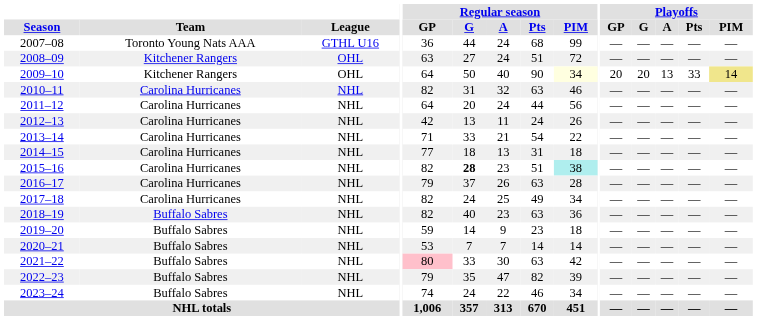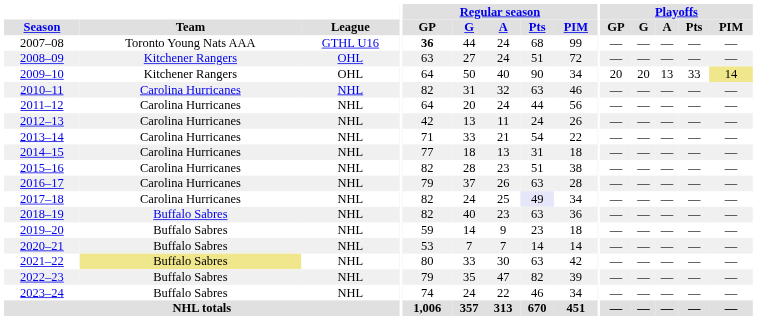 <table border="0" cellpadding="1" cellspacing="0" style="text-align:center; width:60em">
 <tr bgcolor="#e0e0e0">
 <th colspan="3" bgcolor="#ffffff"></th>
 <th rowspan="99" bgcolor="#ffffff"></th>
 <th colspan="5"><a href='#'>Regular season</a></th>
 <th rowspan="99" bgcolor="#ffffff"></th>
 <th colspan="5"><a href='#'>Playoffs</a></th>
 </tr>
 <tr bgcolor="#e0e0e0">
 <th><a href='#'>Season</a></th>
 <th>Team</th>
 <th>League</th>
 <th>GP</th>
 <th><a href='#'>G</a></th>
 <th><a href='#'>A</a></th>
 <th><a href='#'>Pts</a></th>
 <th><a href='#'>PIM</a></th>
 <th>GP</th>
 <th>G</th>
 <th>A</th>
 <th>Pts</th>
 <th>PIM</th>
 </tr>
 <tr>
 <td 2007–08 GTHL season>2007–08</td>
 <td>Toronto Young Nats AAA</td>
 <td><a href='#'>GTHL U16</a></td>
-<td>36</td>
+<td><strong>36</strong></td>
 <td>44</td>
 <td>24</td>
 <td>68</td>
 <td>99</td>
 <td>—</td>
 <td>—</td>
 <td>—</td>
 <td>—</td>
 <td>—</td>
 </tr>
 <tr bgcolor="#f0f0f0">
 <td><a href='#'>2008–09</a></td>
 <td><a href='#'>Kitchener Rangers</a></td>
 <td><a href='#'>OHL</a></td>
 <td>63</td>
 <td>27</td>
 <td>24</td>
 <td>51</td>
 <td>72</td>
 <td>—</td>
 <td>—</td>
 <td>—</td>
 <td>—</td>
 <td>—</td>
 </tr>
 <tr>
 <td><a href='#'>2009–10</a></td>
 <td>Kitchener Rangers</td>
 <td>OHL</td>
 <td>64</td>
 <td>50</td>
 <td>40</td>
 <td>90</td>
-<td style="background: lightyellow;">34</td>
+<td>34</td>
 <td>20</td>
 <td>20</td>
 <td>13</td>
 <td>33</td>
 <td style="background: khaki;">14</td>
 </tr>
 <tr bgcolor="#f0f0f0">
 <td><a href='#'>2010–11</a></td>
 <td><a href='#'>Carolina Hurricanes</a></td>
 <td><a href='#'>NHL</a></td>
 <td>82</td>
 <td>31</td>
 <td>32</td>
 <td>63</td>
 <td>46</td>
 <td>—</td>
 <td>—</td>
 <td>—</td>
 <td>—</td>
 <td>—</td>
 </tr>
 <tr>
 <td><a href='#'>2011–12</a></td>
 <td>Carolina Hurricanes</td>
 <td>NHL</td>
 <td>64</td>
 <td>20</td>
 <td>24</td>
 <td>44</td>
 <td>56</td>
 <td>—</td>
 <td>—</td>
 <td>—</td>
 <td>—</td>
 <td>—</td>
 </tr>
 <tr bgcolor="#f0f0f0">
 <td><a href='#'>2012–13</a></td>
 <td>Carolina Hurricanes</td>
 <td>NHL</td>
 <td>42</td>
 <td>13</td>
 <td>11</td>
 <td>24</td>
 <td>26</td>
 <td>—</td>
 <td>—</td>
 <td>—</td>
 <td>—</td>
 <td>—</td>
 </tr>
 <tr>
 <td><a href='#'>2013–14</a></td>
 <td>Carolina Hurricanes</td>
 <td>NHL</td>
 <td>71</td>
 <td>33</td>
 <td>21</td>
 <td>54</td>
 <td>22</td>
 <td>—</td>
 <td>—</td>
 <td>—</td>
 <td>—</td>
 <td>—</td>
 </tr>
 <tr bgcolor="#f0f0f0">
 <td><a href='#'>2014–15</a></td>
 <td>Carolina Hurricanes</td>
 <td>NHL</td>
 <td>77</td>
 <td>18</td>
 <td>13</td>
 <td>31</td>
 <td>18</td>
 <td>—</td>
 <td>—</td>
 <td>—</td>
 <td>—</td>
 <td>—</td>
 </tr>
 <tr>
 <td><a href='#'>2015–16</a></td>
 <td>Carolina Hurricanes</td>
 <td>NHL</td>
 <td>82</td>
-<td><strong>28</strong></td>
+<td>28</td>
 <td>23</td>
 <td>51</td>
-<td style="background: paleturquoise;">38</td>
+<td>38</td>
 <td>—</td>
 <td>—</td>
 <td>—</td>
 <td>—</td>
 <td>—</td>
 </tr>
 <tr bgcolor="#f0f0f0">
 <td><a href='#'>2016–17</a></td>
 <td>Carolina Hurricanes</td>
 <td>NHL</td>
 <td>79</td>
 <td>37</td>
 <td>26</td>
 <td>63</td>
 <td>28</td>
 <td>—</td>
 <td>—</td>
 <td>—</td>
 <td>—</td>
 <td>—</td>
 </tr>
 <tr>
 <td><a href='#'>2017–18</a></td>
 <td>Carolina Hurricanes</td>
 <td>NHL</td>
 <td>82</td>
 <td>24</td>
 <td>25</td>
-<td>49</td>
+<td style="background: lavender;">49</td>
 <td>34</td>
 <td>—</td>
 <td>—</td>
 <td>—</td>
 <td>—</td>
 <td>—</td>
 </tr>
 <tr bgcolor="#f0f0f0">
 <td><a href='#'>2018–19</a></td>
 <td><a href='#'>Buffalo Sabres</a></td>
 <td>NHL</td>
 <td>82</td>
 <td>40</td>
 <td>23</td>
 <td>63</td>
 <td>36</td>
 <td>—</td>
 <td>—</td>
 <td>—</td>
 <td>—</td>
 <td>—</td>
 </tr>
 <tr>
 <td><a href='#'>2019–20</a></td>
 <td>Buffalo Sabres</td>
 <td>NHL</td>
 <td>59</td>
 <td>14</td>
 <td>9</td>
 <td>23</td>
 <td>18</td>
 <td>—</td>
 <td>—</td>
 <td>—</td>
 <td>—</td>
 <td>—</td>
 </tr>
 <tr bgcolor="#f0f0f0">
 <td><a href='#'>2020–21</a></td>
 <td>Buffalo Sabres</td>
 <td>NHL</td>
 <td>53</td>
 <td>7</td>
 <td>7</td>
 <td>14</td>
 <td>14</td>
 <td>—</td>
 <td>—</td>
 <td>—</td>
 <td>—</td>
 <td>—</td>
 </tr>
 <tr>
 <td><a href='#'>2021–22</a></td>
-<td>Buffalo Sabres</td>
+<td style="background: khaki;">Buffalo Sabres</td>
 <td>NHL</td>
-<td style="background: pink;">80</td>
+<td>80</td>
 <td>33</td>
 <td>30</td>
 <td>63</td>
 <td>42</td>
 <td>—</td>
 <td>—</td>
 <td>—</td>
 <td>—</td>
 <td>—</td>
 </tr>
 <tr bgcolor="#f0f0f0">
 <td><a href='#'>2022–23</a></td>
 <td>Buffalo Sabres</td>
 <td>NHL</td>
 <td>79</td>
 <td>35</td>
 <td>47</td>
 <td>82</td>
 <td>39</td>
 <td>—</td>
 <td>—</td>
 <td>—</td>
 <td>—</td>
 <td>—</td>
 </tr>
 <tr>
 <td><a href='#'>2023–24</a></td>
 <td>Buffalo Sabres</td>
 <td>NHL</td>
 <td>74</td>
 <td>24</td>
 <td>22</td>
 <td>46</td>
 <td>34</td>
 <td>—</td>
 <td>—</td>
 <td>—</td>
 <td>—</td>
 <td>—</td>
 </tr>
 <tr>
 </tr>
 <tr bgcolor="#e0e0e0">
 <th colspan="3">NHL totals</th>
 <th>1,006</th>
 <th>357</th>
 <th>313</th>
 <th>670</th>
 <th>451</th>
 <th>—</th>
 <th>—</th>
 <th>—</th>
 <th>—</th>
 <th>—</th>
 </tr>
 </table>
